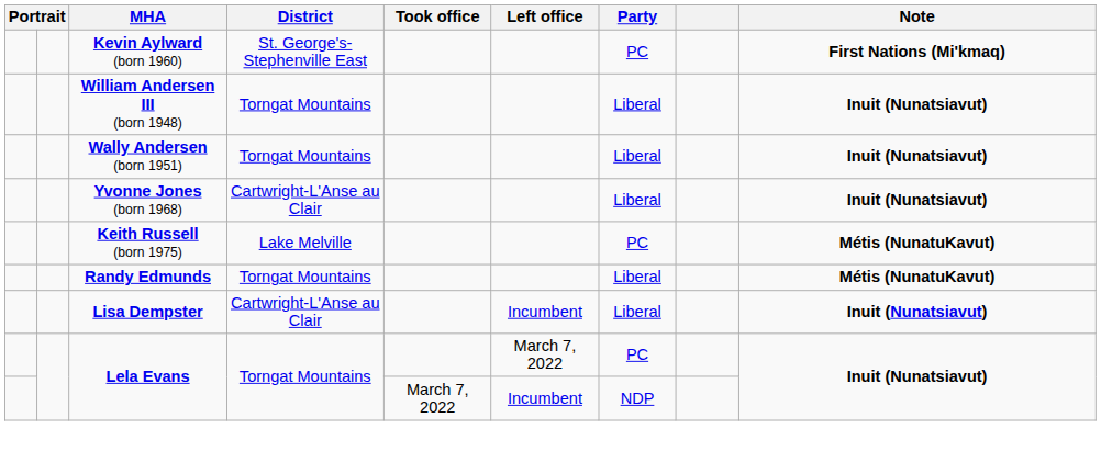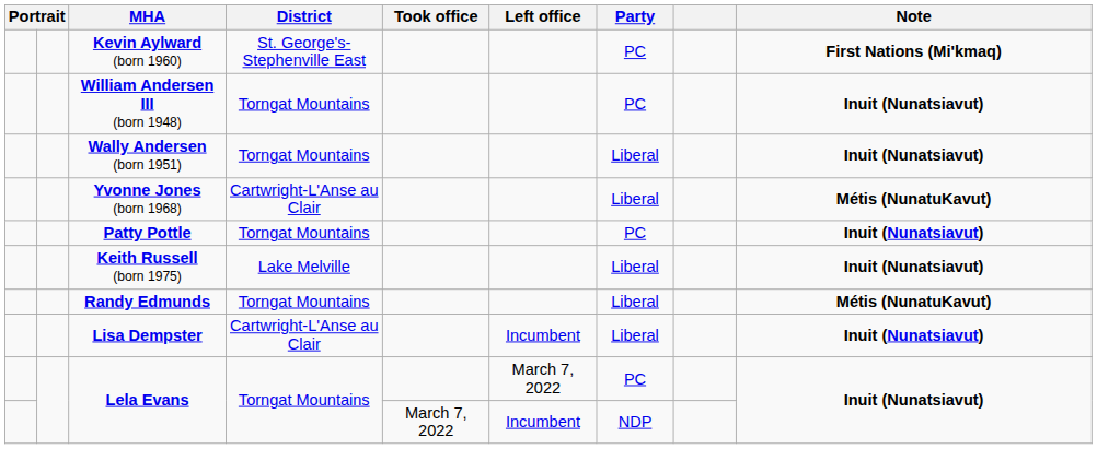 <table class="wikitable sortable plainrowheaders" style="text-align: center;">
 <tr>
 <th colspan="2" class=unsortable>Portrait</th>
 <th class="unsortable" style="width:150px;"><a href='#'>MHA</a></th>
 <th scope="col" style="width:150px;"><a href='#'>District</a></th>
 <th scope="col" style="width:100px;">Took office</th>
 <th scope="col" style="width:100px;">Left office</th>
 <th scope="col" style="width:70px;"><a href='#'>Party</a></th>
 <th scope="col" class="unsortable" style="width:55px;"></th>
 <th scope="col" class="unsortable" style="width:350px;">Note</th>
 </tr>
 <tr>
 <td rowspan="1" style="background:"></td>
 <td></td>
 <td><strong><a href='#'>Kevin Aylward</a></strong><br><small>(born 1960)</small></td>
 <td><a href='#'>St. George's-Stephenville East</a></td>
 <td></td>
 <td></td>
 <td><a href='#'>PC</a></td>
 <td></td>
 <td><strong>First Nations (Mi'kmaq)</strong></td>
 </tr>
 <tr>
 <td rowspan="1" style="background:"></td>
 <td></td>
 <td><strong><a href='#'>William Andersen III</a></strong><br><small>(born 1948)</small></td>
 <td><a href='#'>Torngat Mountains</a></td>
 <td></td>
 <td></td>
-<td><a href='#'>Liberal</a></td>
+<td><a href='#'>PC</a></td>
 <td></td>
 <td><strong>Inuit (Nunatsiavut)</strong></td>
 </tr>
 <tr>
 <td rowspan="1" style="background:"></td>
 <td></td>
 <td><strong><a href='#'>Wally Andersen</a></strong><br><small>(born 1951)</small></td>
 <td><a href='#'>Torngat Mountains</a></td>
 <td></td>
 <td></td>
 <td><a href='#'>Liberal</a></td>
 <td></td>
 <td><strong>Inuit (Nunatsiavut)</strong></td>
 </tr>
 <tr>
 <td rowspan="1" style="background:"></td>
 <td></td>
 <td><strong><a href='#'>Yvonne Jones</a></strong><br><small>(born 1968)</small></td>
 <td><a href='#'>Cartwright-L'Anse au Clair</a></td>
 <td></td>
 <td></td>
 <td><a href='#'>Liberal</a></td>
 <td></td>
-<td><strong>Inuit (Nunatsiavut)</strong></td>
+<td><strong>Métis (NunatuKavut)</strong></td>
+</tr>
+<tr>
+<td rowspan="1" style="background:"></td>
+<td></td>
+<td><strong><a href='#'>Patty Pottle</a></strong></td>
+<td><a href='#'>Torngat Mountains</a></td>
+<td></td>
+<td></td>
+<td><a href='#'>PC</a></td>
+<td></td>
+<td><strong>Inuit (<a href='#'>Nunatsiavut</a>)</strong></td>
 </tr>
 <tr>
 <td rowspan="1" style="background:"></td>
 <td></td>
 <td><strong><a href='#'>Keith Russell</a></strong><br><small>(born 1975)</small></td>
 <td><a href='#'>Lake Melville</a></td>
 <td></td>
 <td></td>
-<td><a href='#'>PC</a></td>
+<td><a href='#'>Liberal</a></td>
 <td></td>
-<td><strong>Métis (NunatuKavut)</strong></td>
+<td><strong>Inuit (Nunatsiavut)</strong></td>
 </tr>
 <tr>
 <td rowspan="1" style="background:"></td>
 <td></td>
 <td><strong><a href='#'>Randy Edmunds</a></strong></td>
 <td><a href='#'>Torngat Mountains</a></td>
 <td></td>
 <td></td>
 <td><a href='#'>Liberal</a></td>
 <td></td>
 <td><strong>Métis (NunatuKavut)</strong></td>
 </tr>
 <tr>
 <td rowspan="1" style="background:"></td>
 <td></td>
 <td><strong><a href='#'>Lisa Dempster</a></strong></td>
 <td><a href='#'>Cartwright-L'Anse au Clair</a></td>
 <td></td>
 <td><a href='#'>Incumbent</a></td>
 <td><a href='#'>Liberal</a></td>
 <td></td>
 <td><strong>Inuit (<a href='#'>Nunatsiavut</a>)</strong></td>
 </tr>
 <tr>
 <td rowspan="1" style="background:"></td>
 <td rowspan="2"></td>
 <td rowspan="2"><strong><a href='#'>Lela Evans</a></strong></td>
 <td rowspan="2"><a href='#'>Torngat Mountains</a></td>
 <td></td>
 <td>March 7, 2022</td>
 <td><a href='#'>PC</a></td>
 <td></td>
 <td rowspan="2"><strong>Inuit (Nunatsiavut)</strong></td>
 </tr>
 <tr>
 <td rowspan="1" style="background:"></td>
 <td>March 7, 2022</td>
 <td><a href='#'>Incumbent</a></td>
 <td><a href='#'>NDP</a></td>
 <td></td>
 </tr>
 </table>
